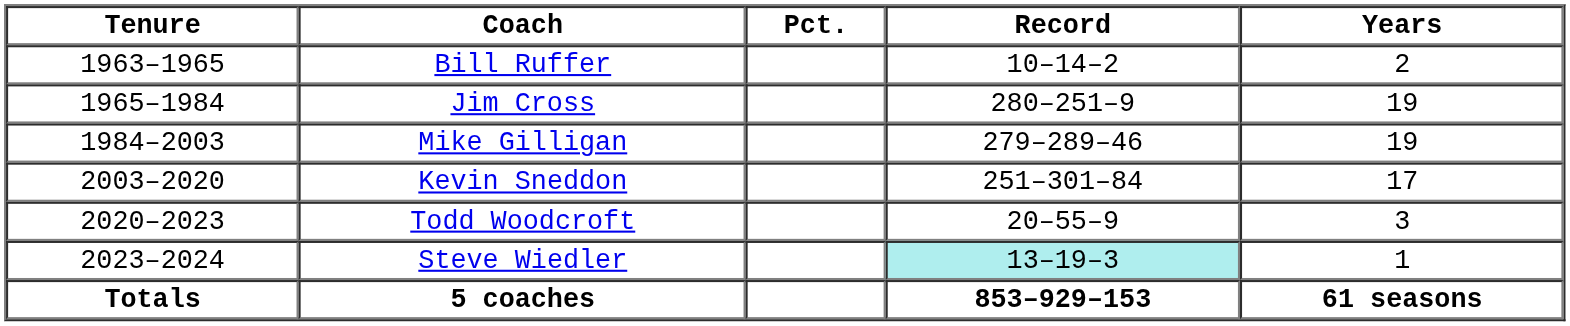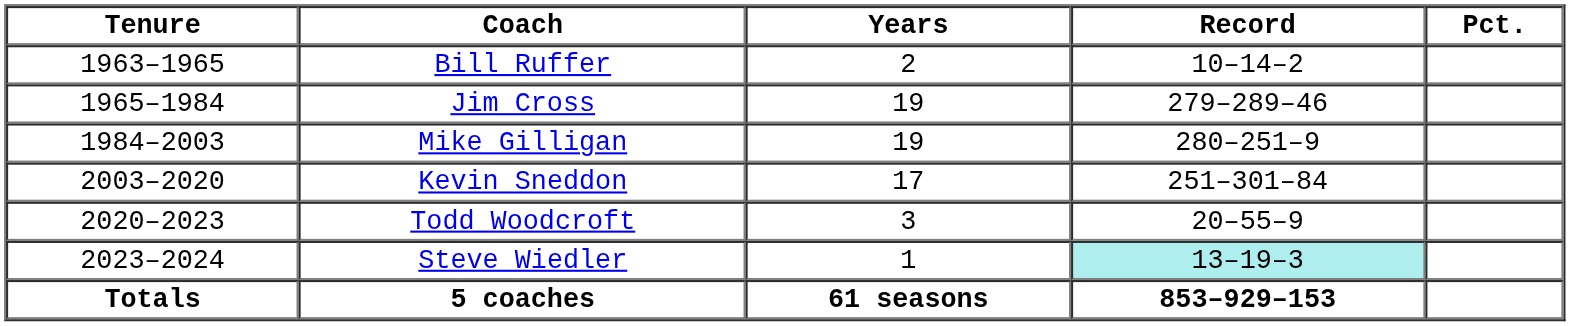 <table cellpadding="1" border="1" cellspacing="0" width="60%">
 <tr>
 <th>Tenure</th>
 <th>Coach</th>
+<th>Years</th>
+<th>Record</th>
 <th>Pct.</th>
-<th>Record</th>
-<th>Years</th>
 </tr>
 <tr align="center">
 <td>1963–1965</td>
 <td><a href='#'>Bill Ruffer</a></td>
+<td>2</td>
+<td>10–14–2</td>
 <td></td>
-<td>10–14–2</td>
-<td>2</td>
 </tr>
 <tr align="center">
 <td>1965–1984</td>
 <td><a href='#'>Jim Cross</a></td>
+<td>19</td>
+<td>279–289–46</td>
 <td></td>
-<td>280–251–9</td>
-<td>19</td>
 </tr>
 <tr align="center">
 <td>1984–2003</td>
 <td><a href='#'>Mike Gilligan</a></td>
+<td>19</td>
+<td>280–251–9</td>
 <td></td>
-<td>279–289–46</td>
-<td>19</td>
 </tr>
 <tr align="center">
 <td>2003–2020</td>
 <td><a href='#'>Kevin Sneddon</a></td>
+<td>17</td>
+<td>251–301–84</td>
 <td></td>
-<td>251–301–84</td>
-<td>17</td>
 </tr>
 <tr align=center>
 <td>2020–2023</td>
 <td><a href='#'>Todd Woodcroft</a></td>
+<td>3</td>
+<td>20–55–9</td>
 <td></td>
-<td>20–55–9</td>
-<td>3</td>
 </tr>
 <tr align=center>
 <td>2023–2024</td>
 <td><a href='#'>Steve Wiedler</a></td>
+<td>1</td>
+<td style="background: paleturquoise;">13–19–3</td>
 <td></td>
-<td style="background: paleturquoise;">13–19–3</td>
-<td>1</td>
 </tr>
 <tr align=center>
 <th>Totals</th>
 <th>5 coaches</th>
+<th>61 seasons</th>
+<th>853–929–153</th>
 <th></th>
-<th>853–929–153</th>
-<th>61 seasons</th>
 </tr>
 </table>
